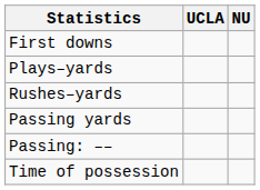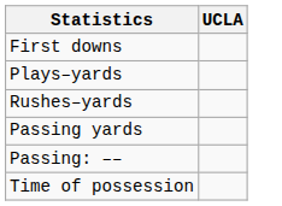 <table class="wikitable" style="float:left">
 <tr>
 <th>Statistics</th>
 <th>UCLA</th>
-<th>NU</th>
 </tr>
 <tr>
 <td>First downs</td>
-<td></td>
 <td></td>
 </tr>
 <tr>
 <td>Plays–yards</td>
 <td></td>
-<td></td>
 </tr>
 <tr>
 <td>Rushes–yards</td>
-<td></td>
 <td></td>
 </tr>
 <tr>
 <td>Passing yards</td>
 <td></td>
-<td></td>
 </tr>
 <tr>
 <td>Passing: ––</td>
-<td></td>
 <td></td>
 </tr>
 <tr>
 <td>Time of possession</td>
 <td></td>
-<td></td>
 </tr>
 </table>
